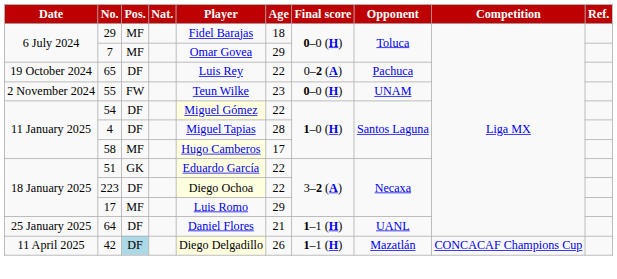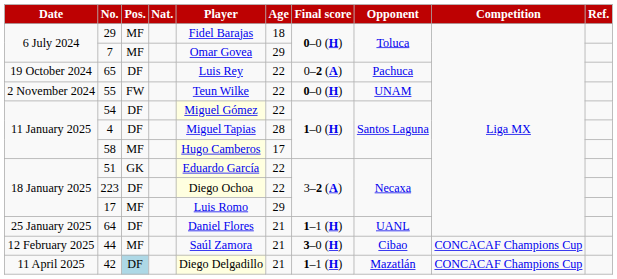 <table class="wikitable" style="text-align:center">
 <tr>
 <th style="background:#bd0102;color:#FFFFFF;">Date</th>
 <th style="background:#bd0102;color:#FFFFFF;">No.</th>
 <th style="background:#bd0102;color:#FFFFFF;">Pos.</th>
 <th style="background:#bd0102;color:#FFFFFF;">Nat.</th>
 <th style="background:#bd0102;color:#FFFFFF;">Player</th>
 <th style="background:#bd0102;color:#FFFFFF;">Age</th>
 <th style="background:#bd0102;color:#FFFFFF;">Final score</th>
 <th style="background:#bd0102;color:#FFFFFF;">Opponent</th>
 <th style="background:#bd0102;color:#FFFFFF;">Competition</th>
 <th style="background:#bd0102;color:#FFFFFF;">Ref.</th>
 </tr>
 <tr>
 <td rowspan=2>6 July 2024</td>
 <td>29</td>
 <td>MF</td>
 <td></td>
 <td><a href='#'>Fidel Barajas</a></td>
 <td>18</td>
 <td rowspan=2><strong>0</strong>–0 (<a href='#'><strong>H</strong></a>)</td>
 <td rowspan=2><a href='#'>Toluca</a></td>
 <td rowspan=11><a href='#'>Liga MX</a></td>
 <td></td>
 </tr>
 <tr>
 <td>7</td>
 <td>MF</td>
 <td></td>
 <td><a href='#'>Omar Govea</a></td>
 <td>29</td>
 <td></td>
 </tr>
 <tr>
 <td>19 October 2024</td>
 <td>65</td>
 <td>DF</td>
 <td></td>
 <td><a href='#'>Luis Rey</a></td>
 <td>22</td>
 <td>0–<strong>2</strong> (<a href='#'><strong>A</strong></a>)</td>
 <td><a href='#'>Pachuca</a></td>
 <td></td>
 </tr>
 <tr>
 <td>2 November 2024</td>
 <td>55</td>
 <td>FW</td>
 <td></td>
 <td><a href='#'>Teun Wilke</a></td>
-<td>23</td>
+<td>22</td>
 <td><strong>0</strong>–0 (<a href='#'><strong>H</strong></a>)</td>
 <td><a href='#'>UNAM</a></td>
 <td></td>
 </tr>
 <tr>
 <td rowspan=3>11 January 2025</td>
 <td>54</td>
 <td>DF</td>
 <td></td>
 <td style="background-color:lightyellow"><a href='#'>Miguel Gómez</a></td>
 <td>22</td>
 <td rowspan=3><strong>1</strong>–0 (<a href='#'><strong>H</strong></a>)</td>
 <td rowspan=3><a href='#'>Santos Laguna</a></td>
 <td></td>
 </tr>
 <tr>
 <td>4</td>
 <td>DF</td>
 <td></td>
 <td><a href='#'>Miguel Tapias</a></td>
 <td>28</td>
 <td></td>
 </tr>
 <tr>
 <td>58</td>
 <td>MF</td>
 <td></td>
 <td style="background-color:lightyellow"><a href='#'>Hugo Camberos</a></td>
 <td>17</td>
 <td></td>
 </tr>
 <tr>
 <td rowspan=3>18 January 2025</td>
 <td>51</td>
 <td>GK</td>
 <td></td>
 <td style="background-color:lightyellow"><a href='#'>Eduardo García</a></td>
 <td>22</td>
 <td rowspan=3>3–<strong>2</strong> (<a href='#'><strong>A</strong></a>)</td>
 <td rowspan=3><a href='#'>Necaxa</a></td>
 <td></td>
 </tr>
 <tr>
 <td>223</td>
 <td>DF</td>
 <td></td>
 <td style="background-color:lightyellow">Diego Ochoa</td>
 <td>22</td>
 <td></td>
 </tr>
 <tr>
 <td>17</td>
 <td>MF</td>
 <td></td>
 <td><a href='#'>Luis Romo</a></td>
 <td>29</td>
 <td></td>
 </tr>
 <tr>
 <td>25 January 2025</td>
 <td>64</td>
 <td>DF</td>
 <td></td>
 <td><a href='#'>Daniel Flores</a></td>
 <td>21</td>
 <td><strong>1</strong>–1 (<a href='#'><strong>H</strong></a>)</td>
 <td><a href='#'>UANL</a></td>
 <td></td>
 </tr>
 <tr>
+<td>12 February 2025</td>
+<td>44</td>
+<td>MF</td>
+<td></td>
+<td><a href='#'>Saúl Zamora</a></td>
+<td>21</td>
+<td><strong>3</strong>–0 (<a href='#'><strong>H</strong></a>)</td>
+<td> <a href='#'>Cibao</a></td>
+<td><a href='#'>CONCACAF Champions Cup</a></td>
+<td></td>
+</tr>
+<tr>
 <td>11 April 2025</td>
 <td>42</td>
 <td style="background: lightblue;">DF</td>
 <td></td>
 <td style="background-color:lightyellow">Diego Delgadillo</td>
-<td>26</td>
+<td>21</td>
 <td><strong>1</strong>–1 (<a href='#'><strong>H</strong></a>)</td>
 <td><a href='#'>Mazatlán</a></td>
 <td><a href='#'>CONCACAF Champions Cup</a></td>
 <td></td>
 </tr>
 </table>
